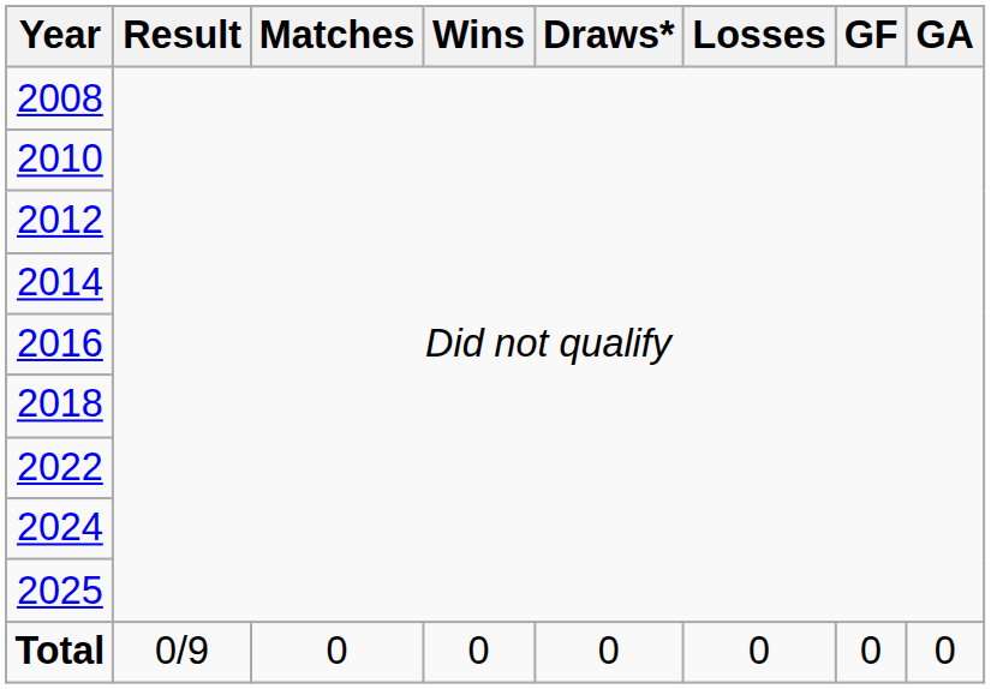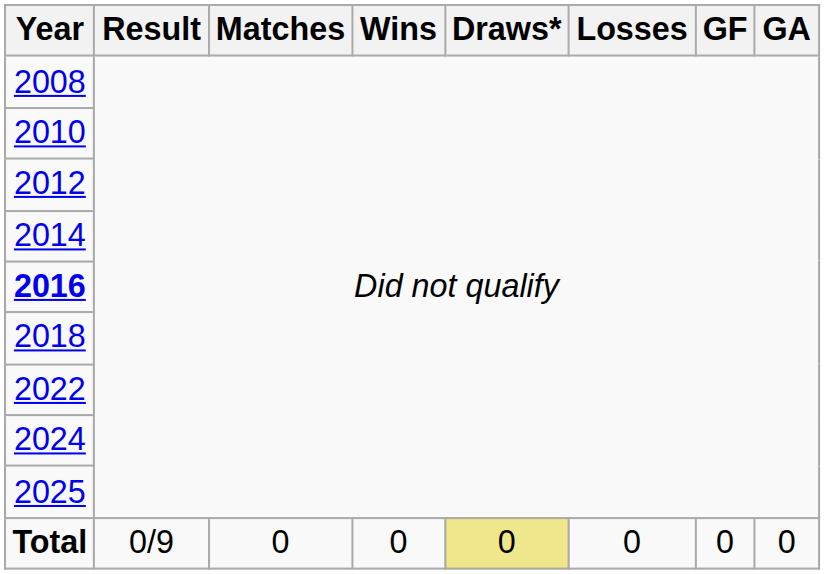 <table class="wikitable" style="text-align: center;">
 <tr>
 <th>Year</th>
 <th>Result</th>
 <th>Matches</th>
 <th>Wins</th>
 <th>Draws*</th>
 <th>Losses</th>
 <th>GF</th>
 <th>GA</th>
 </tr>
 <tr>
 <td> <a href='#'>2008</a></td>
 <td colspan=7 rowspan=9><em>Did not qualify </em></td>
 </tr>
 <tr>
 <td> <a href='#'>2010</a></td>
 </tr>
 <tr>
 <td> <a href='#'>2012</a></td>
 </tr>
 <tr>
 <td> <a href='#'>2014</a></td>
 </tr>
 <tr>
-<td> <a href='#'>2016</a></td>
+<td><strong> <a href='#'>2016</a></strong></td>
 </tr>
 <tr>
 <td> <a href='#'>2018</a></td>
 </tr>
 <tr>
 <td> <a href='#'>2022</a></td>
 </tr>
 <tr>
 <td> <a href='#'>2024</a></td>
 </tr>
 <tr>
 <td> <a href='#'>2025</a></td>
 </tr>
 <tr>
 <td><strong>Total</strong></td>
 <td>0/9</td>
 <td>0</td>
 <td>0</td>
-<td>0</td>
+<td style="background: khaki;">0</td>
 <td>0</td>
 <td>0</td>
 <td>0</td>
 </tr>
 </table>
